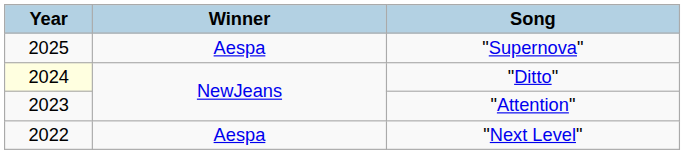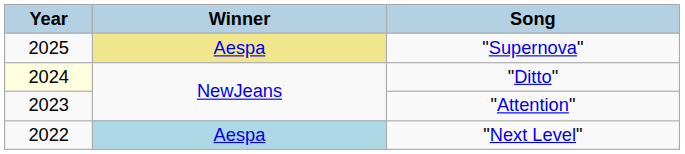 <table class="wikitable" style="text-align: center">
 <tr>
 <th width="70" style="background:#b3d1e3;">Year</th>
 <th width="250" style="background:#b3d1e3;">Winner</th>
 <th width="250" style="background:#b3d1e3;">Song</th>
 </tr>
 <tr>
 <td>2025</td>
-<td><a href='#'>Aespa</a></td>
+<td style="background: khaki;"><a href='#'>Aespa</a></td>
 <td>"<a href='#'>Supernova</a>"</td>
 </tr>
 <tr>
 <td style="background: lightyellow;">2024</td>
 <td rowspan="2"><a href='#'>NewJeans</a></td>
 <td>"<a href='#'>Ditto</a>"</td>
 </tr>
 <tr>
 <td>2023</td>
 <td>"<a href='#'>Attention</a>"</td>
 </tr>
 <tr>
 <td>2022</td>
-<td><a href='#'>Aespa</a></td>
+<td style="background: lightblue;"><a href='#'>Aespa</a></td>
 <td>"<a href='#'>Next Level</a>"</td>
 </tr>
 </table>
